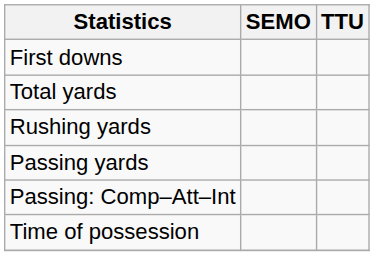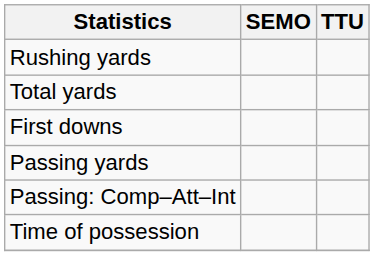 <table class="wikitable" style="float: left;">
 <tr>
 <th>Statistics</th>
 <th>SEMO</th>
 <th>TTU</th>
 </tr>
 <tr>
-<td>First downs</td>
+<td>Rushing yards</td>
 <td></td>
 <td></td>
 </tr>
 <tr>
 <td>Total yards</td>
 <td></td>
 <td></td>
 </tr>
 <tr>
-<td>Rushing yards</td>
+<td>First downs</td>
 <td></td>
 <td></td>
 </tr>
 <tr>
 <td>Passing yards</td>
 <td></td>
 <td></td>
 </tr>
 <tr>
 <td>Passing: Comp–Att–Int</td>
 <td></td>
 <td></td>
 </tr>
 <tr>
 <td>Time of possession</td>
 <td></td>
 <td></td>
 </tr>
 <tr>
 </tr>
 </table>
